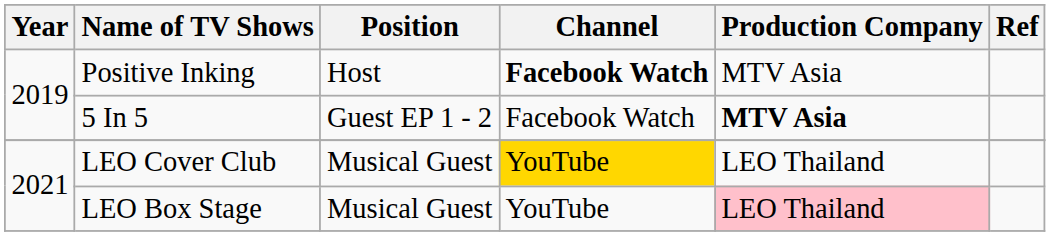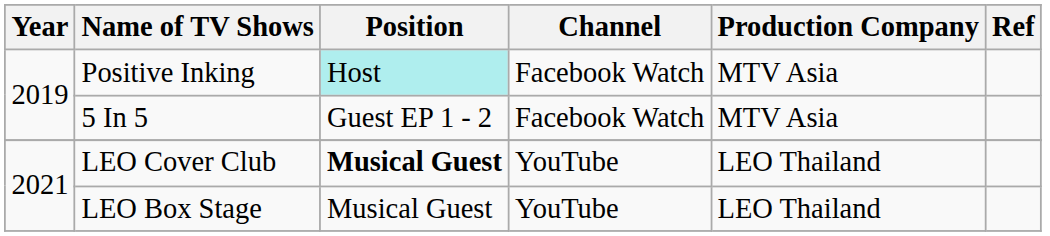 <table class="wikitable">
 <tr>
 <th>Year</th>
 <th>Name of TV Shows</th>
 <th>Position</th>
 <th>Channel</th>
 <th>Production Company</th>
 <th>Ref</th>
 </tr>
 <tr>
 <td rowspan="2">2019</td>
 <td>Positive  Inking</td>
-<td>Host</td>
-<td><strong>Facebook Watch</strong></td>
+<td style="background: paleturquoise;">Host</td>
+<td>Facebook Watch</td>
 <td>MTV Asia</td>
 <td></td>
 </tr>
 <tr>
 <td>5 In 5</td>
 <td>Guest EP 1 - 2</td>
 <td>Facebook Watch</td>
-<td><strong>MTV Asia</strong></td>
+<td>MTV Asia</td>
 <td></td>
 </tr>
 <tr>
 </tr>
 <tr>
 <td rowspan="2">2021</td>
 <td>LEO Cover Club</td>
-<td>Musical Guest</td>
-<td style="background: gold;">YouTube</td>
+<td><strong>Musical Guest</strong></td>
+<td>YouTube</td>
 <td>LEO Thailand</td>
 <td></td>
 </tr>
 <tr>
 <td>LEO Box Stage</td>
 <td>Musical Guest</td>
 <td>YouTube</td>
-<td style="background: pink;">LEO Thailand</td>
+<td>LEO Thailand</td>
 <td></td>
 </tr>
 </table>
